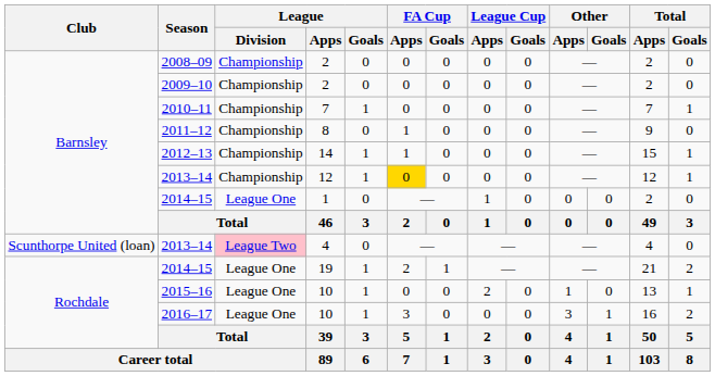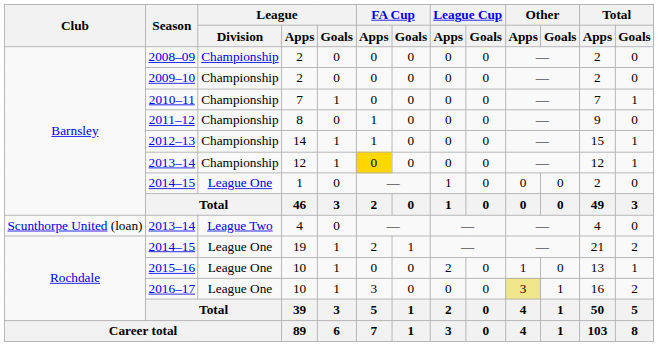 <table class="wikitable" style="text-align: center;">
 <tr>
 <th rowspan="2">Club</th>
 <th rowspan="2">Season</th>
 <th colspan="3">League</th>
 <th colspan="2"><a href='#'>FA Cup</a></th>
 <th colspan="2"><a href='#'>League Cup</a></th>
 <th colspan="2">Other</th>
 <th colspan="2">Total</th>
 </tr>
 <tr>
 <th>Division</th>
 <th>Apps</th>
 <th>Goals</th>
 <th>Apps</th>
 <th>Goals</th>
 <th>Apps</th>
 <th>Goals</th>
 <th>Apps</th>
 <th>Goals</th>
 <th>Apps</th>
 <th>Goals</th>
 </tr>
 <tr>
 <td rowspan="8"><a href='#'>Barnsley</a></td>
 <td><a href='#'>2008–09</a></td>
 <td><a href='#'>Championship</a></td>
 <td>2</td>
 <td>0</td>
 <td>0</td>
 <td>0</td>
 <td>0</td>
 <td>0</td>
 <td colspan="2">—</td>
 <td>2</td>
 <td>0</td>
 </tr>
 <tr>
 <td><a href='#'>2009–10</a></td>
 <td>Championship</td>
 <td>2</td>
 <td>0</td>
 <td>0</td>
 <td>0</td>
 <td>0</td>
 <td>0</td>
 <td colspan="2">—</td>
 <td>2</td>
 <td>0</td>
 </tr>
 <tr>
 <td><a href='#'>2010–11</a></td>
 <td>Championship</td>
 <td>7</td>
 <td>1</td>
 <td>0</td>
 <td>0</td>
 <td>0</td>
 <td>0</td>
 <td colspan="2">—</td>
 <td>7</td>
 <td>1</td>
 </tr>
 <tr>
 <td><a href='#'>2011–12</a></td>
 <td>Championship</td>
 <td>8</td>
 <td>0</td>
 <td>1</td>
 <td>0</td>
 <td>0</td>
 <td>0</td>
 <td colspan="2">—</td>
 <td>9</td>
 <td>0</td>
 </tr>
 <tr>
 <td><a href='#'>2012–13</a></td>
 <td>Championship</td>
 <td>14</td>
 <td>1</td>
 <td>1</td>
 <td>0</td>
 <td>0</td>
 <td>0</td>
 <td colspan="2">—</td>
 <td>15</td>
 <td>1</td>
 </tr>
 <tr>
 <td><a href='#'>2013–14</a></td>
 <td>Championship</td>
 <td>12</td>
 <td>1</td>
 <td style="background: gold;">0</td>
 <td>0</td>
 <td>0</td>
 <td>0</td>
 <td colspan="2">—</td>
 <td>12</td>
 <td>1</td>
 </tr>
 <tr>
 <td><a href='#'>2014–15</a></td>
 <td><a href='#'>League One</a></td>
 <td>1</td>
 <td>0</td>
 <td colspan="2">—</td>
 <td>1</td>
 <td>0</td>
 <td>0</td>
 <td>0</td>
 <td>2</td>
 <td>0</td>
 </tr>
 <tr>
 <th colspan="2">Total</th>
 <th>46</th>
 <th>3</th>
 <th>2</th>
 <th>0</th>
 <th>1</th>
 <th>0</th>
 <th>0</th>
 <th>0</th>
 <th>49</th>
 <th>3</th>
 </tr>
 <tr>
 <td><a href='#'>Scunthorpe United</a> (loan)</td>
 <td><a href='#'>2013–14</a></td>
-<td style="background: pink;"><a href='#'>League Two</a></td>
+<td><a href='#'>League Two</a></td>
 <td>4</td>
 <td>0</td>
 <td colspan=2>—</td>
 <td colspan=2>—</td>
 <td colspan=2>—</td>
 <td>4</td>
 <td>0</td>
 </tr>
 <tr>
 <td rowspan="4"><a href='#'>Rochdale</a></td>
 <td><a href='#'>2014–15</a></td>
 <td>League One</td>
 <td>19</td>
 <td>1</td>
 <td>2</td>
 <td>1</td>
 <td colspan="2">—</td>
 <td colspan="2">—</td>
 <td>21</td>
 <td>2</td>
 </tr>
 <tr>
 <td><a href='#'>2015–16</a></td>
 <td>League One</td>
 <td>10</td>
 <td>1</td>
 <td>0</td>
 <td>0</td>
 <td>2</td>
 <td>0</td>
 <td>1</td>
 <td>0</td>
 <td>13</td>
 <td>1</td>
 </tr>
 <tr>
 <td><a href='#'>2016–17</a></td>
 <td>League One</td>
 <td>10</td>
 <td>1</td>
 <td>3</td>
 <td>0</td>
 <td>0</td>
 <td>0</td>
-<td>3</td>
+<td style="background: khaki;">3</td>
 <td>1</td>
 <td>16</td>
 <td>2</td>
 </tr>
 <tr>
 <th colspan="2">Total</th>
 <th>39</th>
 <th>3</th>
 <th>5</th>
 <th>1</th>
 <th>2</th>
 <th>0</th>
 <th>4</th>
 <th>1</th>
 <th>50</th>
 <th>5</th>
 </tr>
 <tr>
 <th colspan="3">Career total</th>
 <th>89</th>
 <th>6</th>
 <th>7</th>
 <th>1</th>
 <th>3</th>
 <th>0</th>
 <th>4</th>
 <th>1</th>
 <th>103</th>
 <th>8</th>
 </tr>
 </table>
